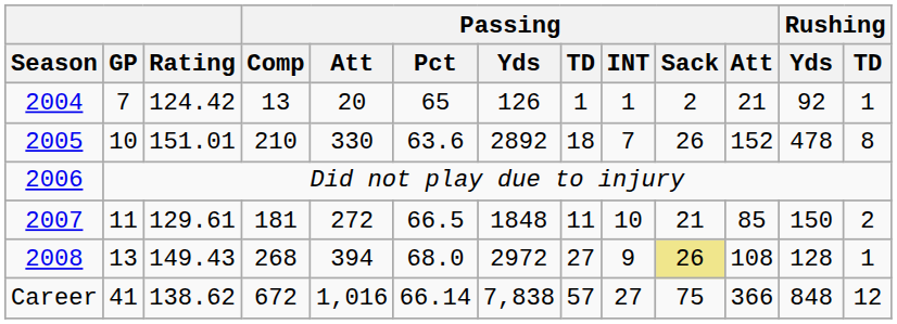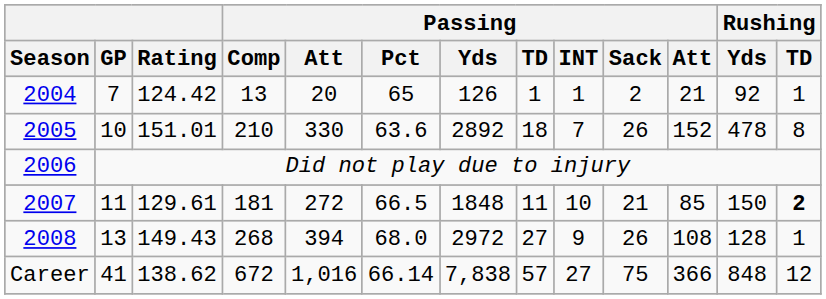 <table class="wikitable" style="text-align:center">
 <tr>
 <th colspan="3"></th>
 <th colspan="8">Passing</th>
 <th colspan="3">Rushing</th>
 </tr>
 <tr>
 <th>Season</th>
 <th>GP</th>
 <th>Rating</th>
 <th>Comp</th>
 <th>Att</th>
 <th>Pct</th>
 <th>Yds</th>
 <th>TD</th>
 <th>INT</th>
 <th>Sack</th>
 <th>Att</th>
 <th>Yds</th>
 <th>TD</th>
 </tr>
 <tr>
 <td><a href='#'>2004</a></td>
 <td>7</td>
 <td>124.42</td>
 <td>13</td>
 <td>20</td>
 <td>65</td>
 <td>126</td>
 <td>1</td>
 <td>1</td>
 <td>2</td>
 <td>21</td>
 <td>92</td>
 <td>1</td>
 </tr>
 <tr>
 <td><a href='#'>2005</a></td>
 <td>10</td>
 <td>151.01</td>
 <td>210</td>
 <td>330</td>
 <td>63.6</td>
 <td>2892</td>
 <td>18</td>
 <td>7</td>
 <td>26</td>
 <td>152</td>
 <td>478</td>
 <td>8</td>
 </tr>
 <tr>
 <td><a href='#'>2006</a></td>
 <td colspan="12"><em>Did not play due to injury</em></td>
 </tr>
 <tr>
 <td><a href='#'>2007</a></td>
 <td>11</td>
 <td>129.61</td>
 <td>181</td>
 <td>272</td>
 <td>66.5</td>
 <td>1848</td>
 <td>11</td>
 <td>10</td>
 <td>21</td>
 <td>85</td>
 <td>150</td>
-<td>2</td>
+<td><strong>2</strong></td>
 </tr>
 <tr>
 <td><a href='#'>2008</a></td>
 <td>13</td>
 <td>149.43</td>
 <td>268</td>
 <td>394</td>
 <td>68.0</td>
 <td>2972</td>
 <td>27</td>
 <td>9</td>
-<td style="background: khaki;">26</td>
+<td>26</td>
 <td>108</td>
 <td>128</td>
 <td>1</td>
 </tr>
 <tr>
 <td>Career</td>
 <td>41</td>
 <td>138.62</td>
 <td>672</td>
 <td>1,016</td>
 <td>66.14</td>
 <td>7,838</td>
 <td>57</td>
 <td>27</td>
 <td>75</td>
 <td>366</td>
 <td>848</td>
 <td>12</td>
 </tr>
 </table>
